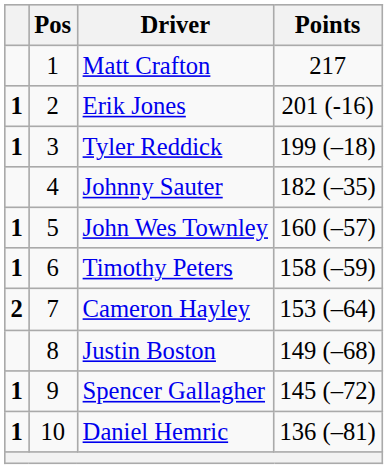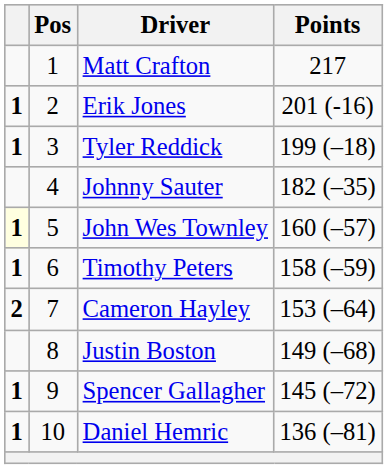 <table class="wikitable" style="font-size: 95%;">
 <tr>
 <th></th>
 <th>Pos</th>
 <th>Driver</th>
 <th>Points</th>
 </tr>
 <tr>
 <td align="left"></td>
 <td style="text-align:center;">1</td>
 <td><a href='#'>Matt Crafton</a></td>
 <td style="text-align:center;">217</td>
 </tr>
 <tr>
 <td align="left"> <strong>1</strong></td>
 <td style="text-align:center;">2</td>
 <td><a href='#'>Erik Jones</a></td>
 <td style="text-align:center;">201 (-16)</td>
 </tr>
 <tr>
 <td align="left"> <strong>1</strong></td>
 <td style="text-align:center;">3</td>
 <td><a href='#'>Tyler Reddick</a></td>
 <td style="text-align:center;">199 (–18)</td>
 </tr>
 <tr>
 <td align="left"></td>
 <td style="text-align:center;">4</td>
 <td><a href='#'>Johnny Sauter</a></td>
 <td style="text-align:center;">182 (–35)</td>
 </tr>
 <tr>
-<td align="left"> <strong>1</strong></td>
+<td align="left" style="background: lightyellow;"> <strong>1</strong></td>
 <td style="text-align:center;">5</td>
 <td><a href='#'>John Wes Townley</a></td>
 <td style="text-align:center;">160 (–57)</td>
 </tr>
 <tr>
 <td align="left"> <strong>1</strong></td>
 <td style="text-align:center;">6</td>
 <td><a href='#'>Timothy Peters</a></td>
 <td style="text-align:center;">158 (–59)</td>
 </tr>
 <tr>
 <td align="left"> <strong>2</strong></td>
 <td style="text-align:center;">7</td>
 <td><a href='#'>Cameron Hayley</a></td>
 <td style="text-align:center;">153 (–64)</td>
 </tr>
 <tr>
 <td align="left"></td>
 <td style="text-align:center;">8</td>
 <td><a href='#'>Justin Boston</a></td>
 <td style="text-align:center;">149 (–68)</td>
 </tr>
 <tr>
 <td align="left"> <strong>1</strong></td>
 <td style="text-align:center;">9</td>
 <td><a href='#'>Spencer Gallagher</a></td>
 <td style="text-align:center;">145 (–72)</td>
 </tr>
 <tr>
 <td align="left"> <strong>1</strong></td>
 <td style="text-align:center;">10</td>
 <td><a href='#'>Daniel Hemric</a></td>
 <td style="text-align:center;">136 (–81)</td>
 </tr>
 <tr>
 <th colspan="9"></th>
 </tr>
 </table>
